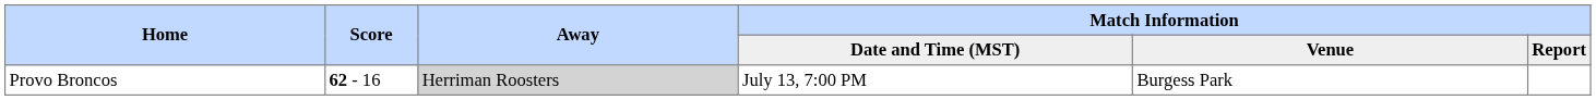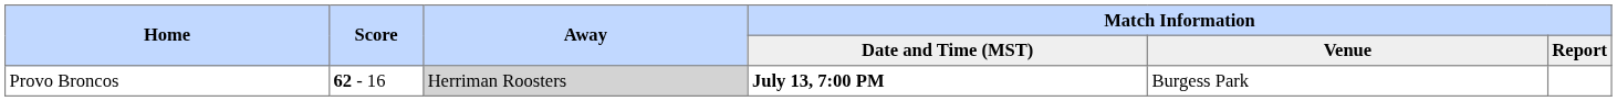 <table border="1" cellpadding="3" cellspacing="0" style="border-collapse:collapse; font-size:90%; width:100%">
 <tr style="background:#c1d8ff;">
 <th rowspan="2" style="width:21%;">Home</th>
 <th rowspan="2" style="width:6%;">Score</th>
 <th rowspan="2" style="width:21%;">Away</th>
 <th colspan="3">Match Information</th>
 </tr>
 <tr style="background:#efefef;">
 <th width="26%">Date and Time (MST)</th>
 <th width="26%">Venue</th>
 <td><strong>Report</strong></td>
 </tr>
 <tr>
 <td> Provo Broncos</td>
 <td><strong>62</strong> - 16</td>
 <td style="background: lightgrey;"> Herriman Roosters</td>
-<td>July 13, 7:00 PM</td>
+<td><strong>July 13, 7:00 PM</strong></td>
 <td>Burgess Park</td>
 <td></td>
 </tr>
 </table>
